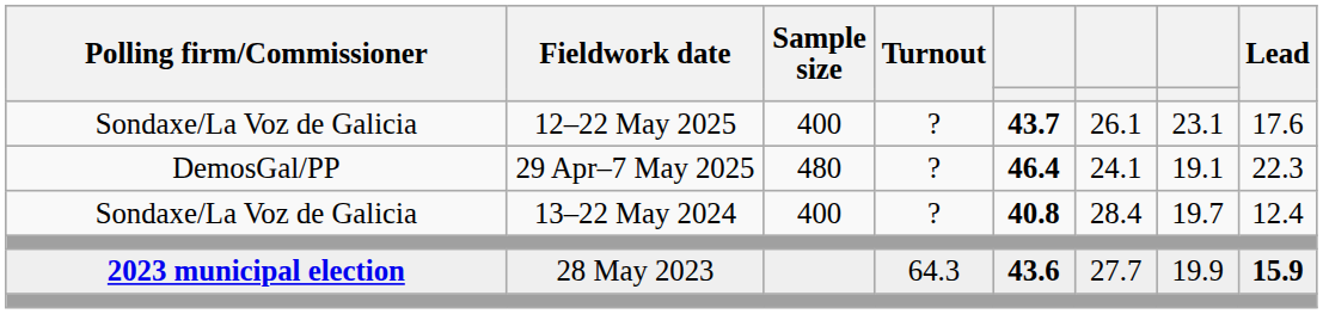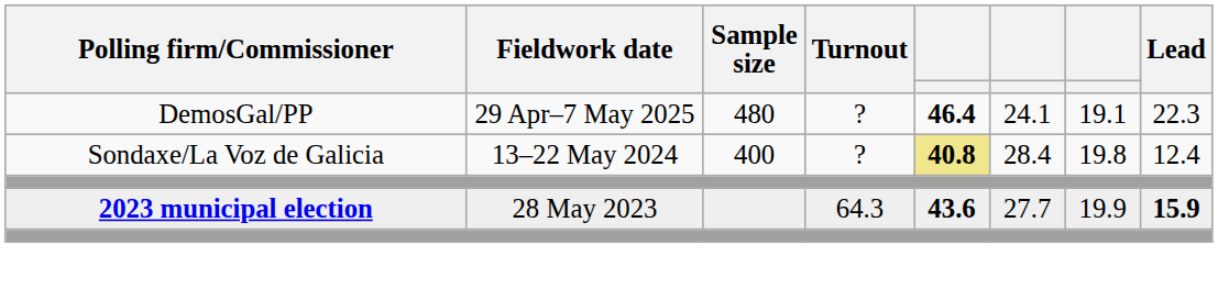 <table class="wikitable collapsible collapsed" style="text-align:center; font-size:95%; line-height:16px;">
 <tr style="height:42px;">
 <th style="width:250px;" rowspan="2">Polling firm/Commissioner</th>
 <th style="width:125px;" rowspan="2">Fieldwork date</th>
 <th style="width:50px;" rowspan="2">Sample size</th>
 <th style="width:45px;" rowspan="2">Turnout</th>
 <th style="width:35px;"></th>
 <th style="width:35px;"></th>
 <th style="width:35px;"></th>
 <th style="width:30px;" rowspan="2">Lead</th>
 </tr>
 <tr>
 <th style="color:inherit;background:"></th>
 <th style="color:inherit;background:"></th>
 <th style="color:inherit;background:"></th>
 </tr>
 <tr>
-<td>Sondaxe/La Voz de Galicia</td>
-<td>12–22 May 2025</td>
-<td>400</td>
-<td>?</td>
-<td><strong>43.7</strong><br></td>
-<td>26.1<br></td>
-<td>23.1<br></td>
-<td style="background:">17.6</td>
-</tr>
-<tr>
 <td>DemosGal/PP</td>
 <td>29 Apr–7 May 2025</td>
 <td>480</td>
 <td>?</td>
 <td><strong>46.4</strong><br></td>
 <td>24.1<br></td>
 <td>19.1<br></td>
 <td style="background:">22.3</td>
 </tr>
 <tr>
 <td>Sondaxe/La Voz de Galicia</td>
 <td>13–22 May 2024</td>
 <td>400</td>
 <td>?</td>
-<td><strong>40.8</strong><br></td>
+<td style="background: khaki;"><strong>40.8</strong><br></td>
 <td>28.4<br></td>
-<td>19.7<br></td>
+<td>19.8<br></td>
 <td style="background:">12.4</td>
 </tr>
 <tr>
 <td colspan="8" style="background:#A0A0A0"></td>
 </tr>
 <tr style="background:#EFEFEF;">
 <td><strong><a href='#'>2023 municipal election</a></strong></td>
 <td>28 May 2023</td>
 <td></td>
 <td>64.3</td>
 <td><strong>43.6</strong><br></td>
 <td>27.7<br></td>
 <td>19.9<br></td>
 <td style="background:"><strong>15.9</strong></td>
 </tr>
 <tr>
 <td colspan="8" style="background:#A0A0A0"></td>
 </tr>
 </table>
